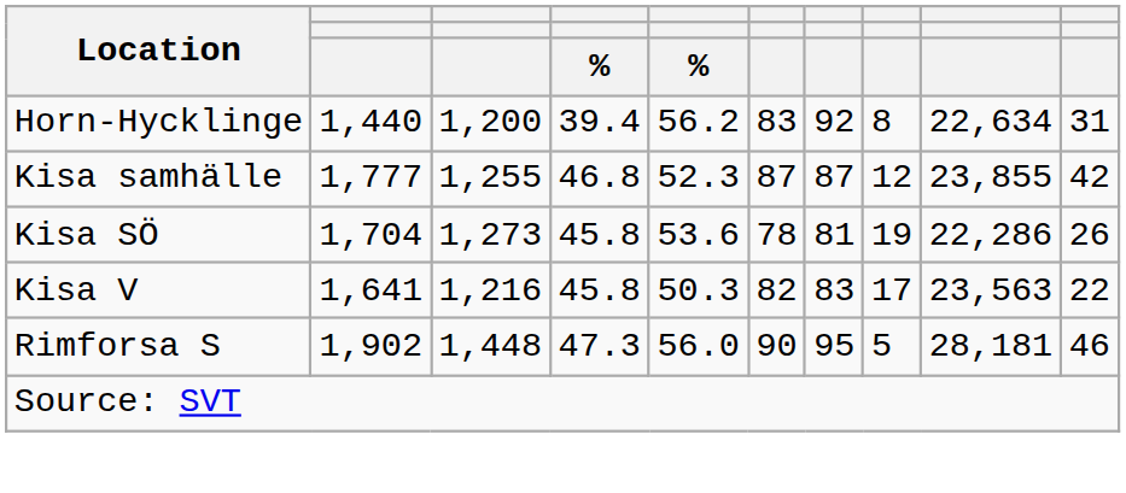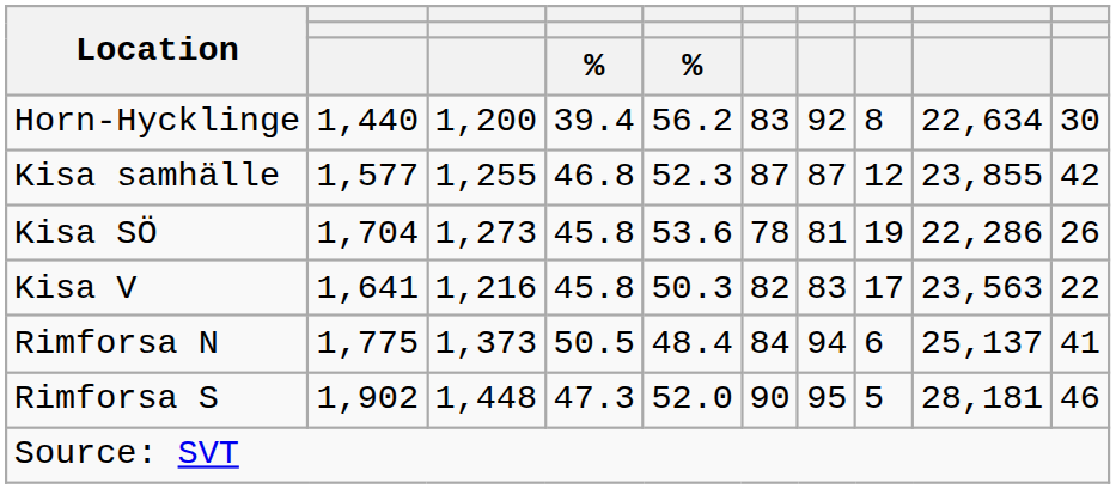 <table role="presentation" class="wikitable sortable mw-collapsible">
 <tr>
 <th rowspan="3">Location</th>
 <th></th>
 <th></th>
 <th></th>
 <th></th>
 <th></th>
 <th></th>
 <th></th>
 <th></th>
 <th></th>
 </tr>
 <tr>
 <th></th>
 <th></th>
 <th style="background:"></th>
 <th style="background:"></th>
 <th></th>
 <th></th>
 <th></th>
 <th></th>
 <th></th>
 </tr>
 <tr>
 <th data-sort-type="number"></th>
 <th data-sort-type="number"></th>
 <th data-sort-type="number">%</th>
 <th data-sort-type="number">%</th>
 <th data-sort-type="number"></th>
 <th data-sort-type="number"></th>
 <th data-sort-type="number"></th>
 <th data-sort-type="number"></th>
 <th data-sort-type="number"></th>
 </tr>
 <tr>
 <td align="left">Horn-Hycklinge</td>
 <td>1,440</td>
 <td>1,200</td>
 <td>39.4</td>
 <td>56.2</td>
 <td>83</td>
 <td>92</td>
 <td>8</td>
 <td>22,634</td>
-<td>31</td>
+<td>30</td>
 </tr>
 <tr>
 <td align="left">Kisa samhälle</td>
-<td>1,777</td>
+<td>1,577</td>
 <td>1,255</td>
 <td>46.8</td>
 <td>52.3</td>
 <td>87</td>
 <td>87</td>
 <td>12</td>
 <td>23,855</td>
 <td>42</td>
 </tr>
 <tr>
 <td align="left">Kisa SÖ</td>
 <td>1,704</td>
 <td>1,273</td>
 <td>45.8</td>
 <td>53.6</td>
 <td>78</td>
 <td>81</td>
 <td>19</td>
 <td>22,286</td>
 <td>26</td>
 </tr>
 <tr>
 <td align="left">Kisa V</td>
 <td>1,641</td>
 <td>1,216</td>
 <td>45.8</td>
 <td>50.3</td>
 <td>82</td>
 <td>83</td>
 <td>17</td>
 <td>23,563</td>
 <td>22</td>
 </tr>
 <tr>
+<td align="left">Rimforsa N</td>
+<td>1,775</td>
+<td>1,373</td>
+<td>50.5</td>
+<td>48.4</td>
+<td>84</td>
+<td>94</td>
+<td>6</td>
+<td>25,137</td>
+<td>41</td>
+</tr>
+<tr>
 <td align="left">Rimforsa S</td>
 <td>1,902</td>
 <td>1,448</td>
 <td>47.3</td>
-<td>56.0</td>
+<td>52.0</td>
 <td>90</td>
 <td>95</td>
 <td>5</td>
 <td>28,181</td>
 <td>46</td>
 </tr>
 <tr>
 <td colspan="10" align="left">Source: <a href='#'>SVT</a></td>
 </tr>
 </table>
